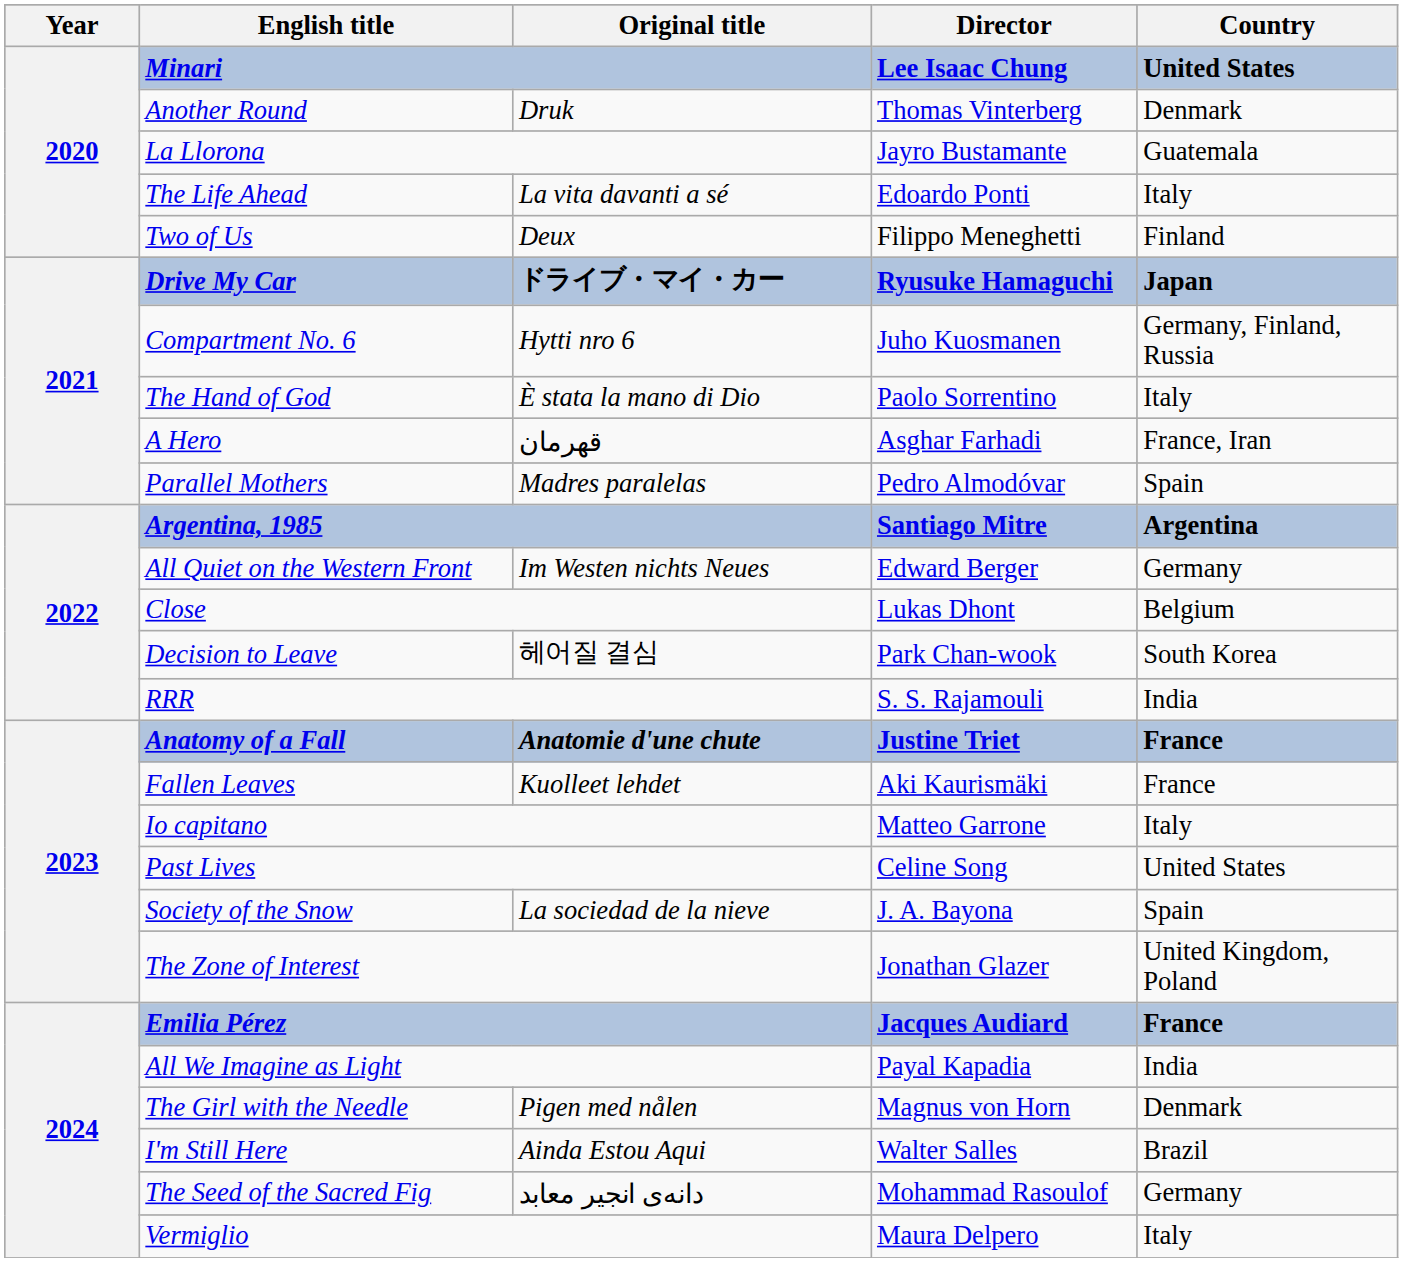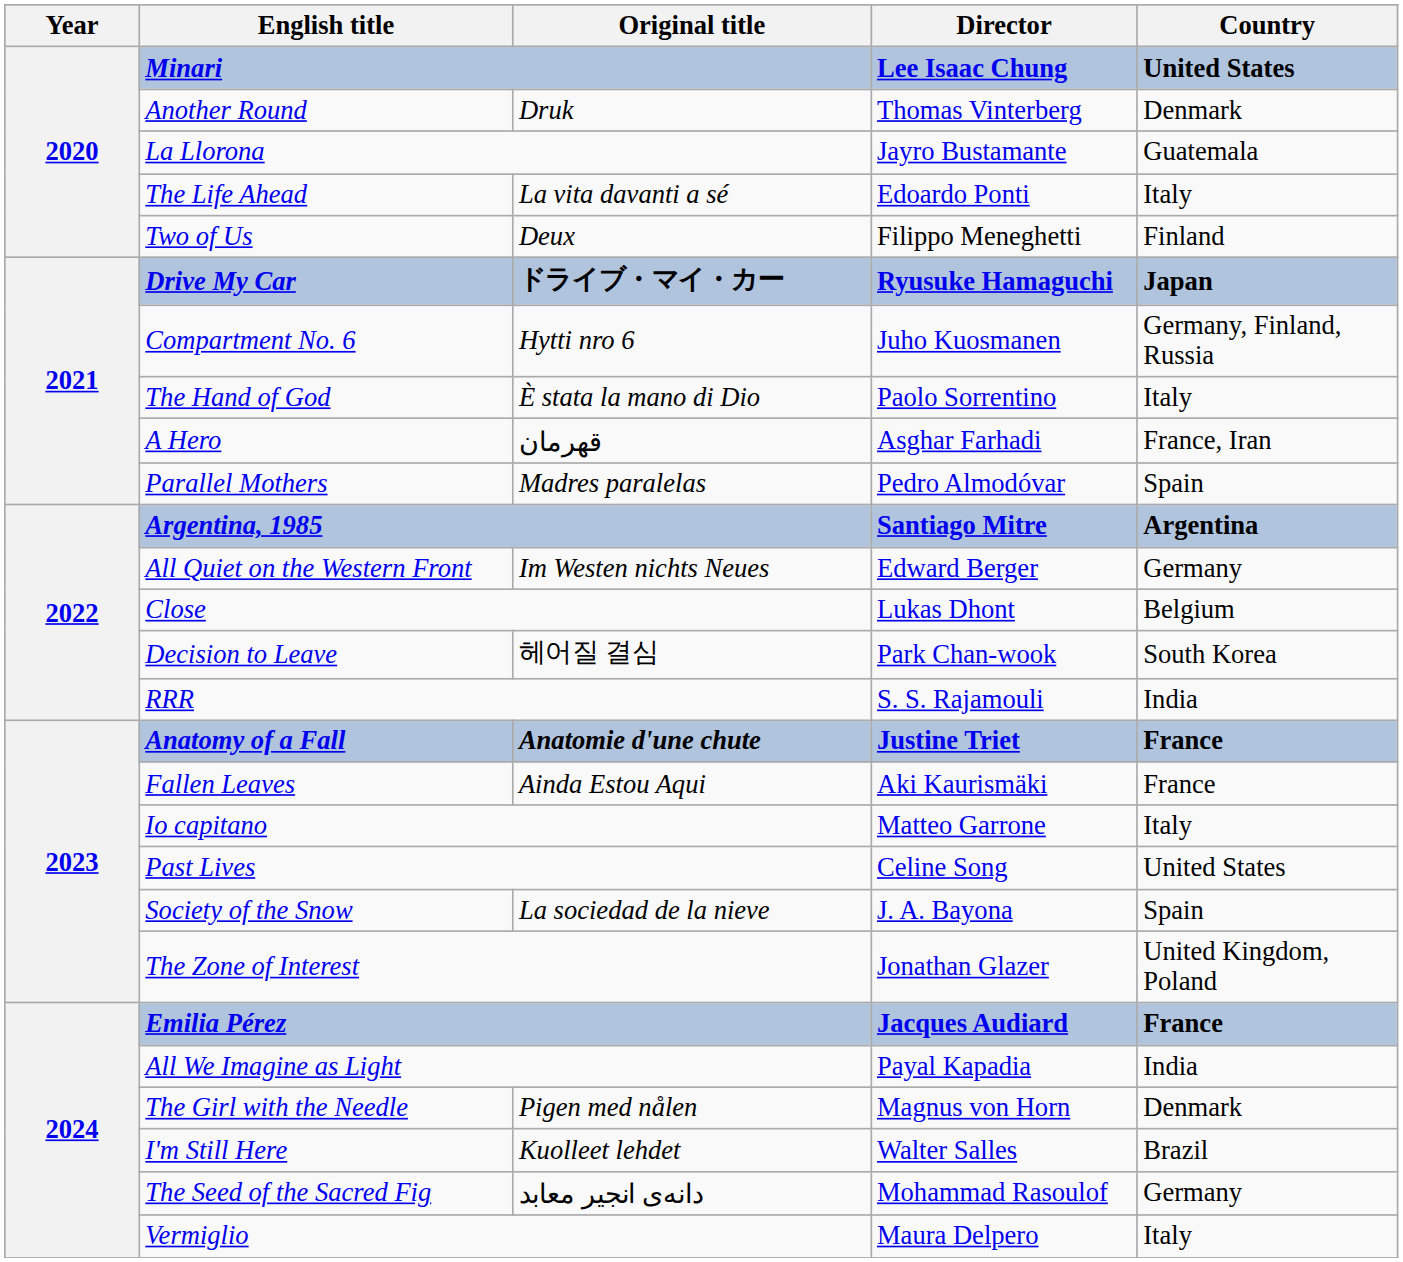 <table class="wikitable sortable" width="95%" cellpadding="5">
 <tr bgcolor="#CCCCCC">
 <th width="100">Year</th>
 <th width="300">English title</th>
 <th width="300">Original title</th>
 <th width="200">Director</th>
 <th width="200">Country</th>
 </tr>
 <tr>
 <th rowspan="5" style="text-align:center;"><a href='#'>2020</a></th>
 <td colspan="2" style="background:#B0C4DE;"><strong><em><a href='#'>Minari</a></em></strong></td>
 <td style="background:#B0C4DE;"><strong><a href='#'>Lee Isaac Chung</a></strong></td>
 <td style="background:#B0C4DE;"><strong>United States</strong></td>
 </tr>
 <tr>
 <td><em><a href='#'>Another Round</a></em></td>
 <td><em>Druk</em></td>
 <td><a href='#'>Thomas Vinterberg</a></td>
 <td>Denmark</td>
 </tr>
 <tr>
 <td colspan="2"><em><a href='#'>La Llorona</a></em></td>
 <td><a href='#'>Jayro Bustamante</a></td>
 <td>Guatemala</td>
 </tr>
 <tr>
 <td><em><a href='#'>The Life Ahead</a></em></td>
 <td><em>La vita davanti a sé</em></td>
 <td><a href='#'>Edoardo Ponti</a></td>
 <td>Italy</td>
 </tr>
 <tr>
 <td><em><a href='#'>Two of Us</a></em></td>
 <td><em>Deux</em></td>
 <td>Filippo Meneghetti</td>
 <td>Finland</td>
 </tr>
 <tr>
 <th rowspan="5" style="text-align:center;"><a href='#'>2021</a></th>
 <td style="background:#B0C4DE;"><strong><em><a href='#'>Drive My Car</a></em></strong></td>
 <td style="background:#B0C4DE;"><strong>ドライブ・マイ・カー</strong></td>
 <td style="background:#B0C4DE;"><strong><a href='#'>Ryusuke Hamaguchi</a></strong></td>
 <td style="background:#B0C4DE;"><strong>Japan</strong></td>
 </tr>
 <tr>
 <td><em><a href='#'>Compartment No. 6</a></em></td>
 <td><em>Hytti nro 6</em></td>
 <td><a href='#'>Juho Kuosmanen</a></td>
 <td>Germany, Finland, Russia</td>
 </tr>
 <tr>
 <td><em><a href='#'>The Hand of God</a></em></td>
 <td><em>È stata la mano di Dio</em></td>
 <td><a href='#'>Paolo Sorrentino</a></td>
 <td>Italy</td>
 </tr>
 <tr>
 <td><em><a href='#'>A Hero</a></em></td>
 <td>قهرمان</td>
 <td><a href='#'>Asghar Farhadi</a></td>
 <td>France, Iran</td>
 </tr>
 <tr>
 <td><em><a href='#'>Parallel Mothers</a></em></td>
 <td><em>Madres paralelas</em></td>
 <td><a href='#'>Pedro Almodóvar</a></td>
 <td>Spain</td>
 </tr>
 <tr>
 <th rowspan="5" style="text-align:center;"><a href='#'>2022</a></th>
 <td colspan="2" style="background:#B0C4DE;"><strong><em><a href='#'>Argentina, 1985</a></em></strong></td>
 <td style="background:#B0C4DE;"><strong><a href='#'>Santiago Mitre</a></strong></td>
 <td style="background:#B0C4DE;"><strong>Argentina</strong></td>
 </tr>
 <tr>
 <td><em><a href='#'>All Quiet on the Western Front</a></em></td>
 <td><em>Im Westen nichts Neues</em></td>
 <td><a href='#'>Edward Berger</a></td>
 <td>Germany</td>
 </tr>
 <tr>
 <td colspan="2"><em><a href='#'>Close</a></em></td>
 <td><a href='#'>Lukas Dhont</a></td>
 <td>Belgium</td>
 </tr>
 <tr>
 <td><em><a href='#'>Decision to Leave</a></em></td>
 <td>헤어질 결심</td>
 <td><a href='#'>Park Chan-wook</a></td>
 <td>South Korea</td>
 </tr>
 <tr>
 <td colspan="2"><em><a href='#'>RRR</a></em></td>
 <td><a href='#'>S. S. Rajamouli</a></td>
 <td>India</td>
 </tr>
 <tr>
 <th rowspan="6"><a href='#'>2023</a></th>
 <td style="background:#B0C4DE;"><strong><em><a href='#'>Anatomy of a Fall</a></em></strong></td>
 <td style="background:#B0C4DE;"><strong><em>Anatomie d'une chute</em></strong></td>
 <td style="background:#B0C4DE;"><strong><a href='#'>Justine Triet</a></strong></td>
 <td style="background:#B0C4DE;"><strong>France</strong></td>
 </tr>
 <tr>
 <td><em><a href='#'>Fallen Leaves</a></em></td>
-<td><em>Kuolleet lehdet</em></td>
+<td><em>Ainda Estou Aqui</em></td>
 <td><a href='#'>Aki Kaurismäki</a></td>
 <td>France</td>
 </tr>
 <tr>
 <td colspan="2"><em><a href='#'>Io capitano</a></em></td>
 <td><a href='#'>Matteo Garrone</a></td>
 <td>Italy</td>
 </tr>
 <tr>
 <td colspan="2"><em><a href='#'>Past Lives</a></em></td>
 <td><a href='#'>Celine Song</a></td>
 <td>United States</td>
 </tr>
 <tr>
 <td><em><a href='#'>Society of the Snow</a></em></td>
 <td><em>La sociedad de la nieve</em></td>
 <td><a href='#'>J. A. Bayona</a></td>
 <td>Spain</td>
 </tr>
 <tr>
 <td colspan="2"><em><a href='#'>The Zone of Interest</a></em></td>
 <td><a href='#'>Jonathan Glazer</a></td>
 <td>United Kingdom, Poland</td>
 </tr>
 <tr>
 <th rowspan="6"><a href='#'>2024</a></th>
 <td colspan="2" style="background:#B0C4DE;"><strong><em><a href='#'>Emilia Pérez</a></em></strong></td>
 <td style="background:#B0C4DE;"><strong><a href='#'>Jacques Audiard</a></strong></td>
 <td style="background:#B0C4DE;"><strong>France</strong></td>
 </tr>
 <tr>
 <td colspan="2"><em><a href='#'>All We Imagine as Light</a></em></td>
 <td><a href='#'>Payal Kapadia</a></td>
 <td>India</td>
 </tr>
 <tr>
 <td><em><a href='#'>The Girl with the Needle</a></em></td>
 <td><em>Pigen med nålen</em></td>
 <td><a href='#'>Magnus von Horn</a></td>
 <td>Denmark</td>
 </tr>
 <tr>
 <td><em><a href='#'>I'm Still Here</a></em></td>
-<td><em>Ainda Estou Aqui</em></td>
+<td><em>Kuolleet lehdet</em></td>
 <td><a href='#'>Walter Salles</a></td>
 <td>Brazil</td>
 </tr>
 <tr>
 <td><em><a href='#'>The Seed of the Sacred Fig</a></em></td>
 <td>دانه‌ی انجیر معابد</td>
 <td><a href='#'>Mohammad Rasoulof</a></td>
 <td>Germany</td>
 </tr>
 <tr>
 <td colspan="2"><em><a href='#'>Vermiglio</a></em></td>
 <td><a href='#'>Maura Delpero</a></td>
 <td>Italy</td>
 </tr>
 <tr>
 </tr>
 </table>
